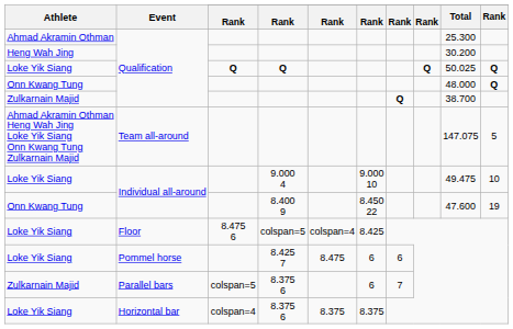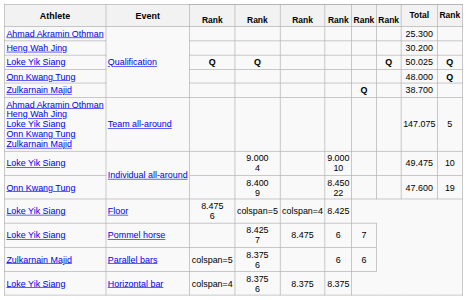 <table class=wikitable style="font-size:90%">
 <tr>
 <th rowspan=2>Athlete</th>
 <th rowspan=2>Event</th>
 </tr>
 <tr style="font-size:95%">
 <th><br>Rank</th>
 <th><br>Rank</th>
 <th><br>Rank</th>
 <th><br>Rank</th>
 <th><br>Rank</th>
 <th><br>Rank</th>
 <th>Total</th>
 <th>Rank</th>
 </tr>
 <tr align=center>
 <td align=left><a href='#'>Ahmad Akramin Othman</a></td>
 <td align=left rowspan=5><a href='#'>Qualification</a></td>
 <td></td>
 <td></td>
 <td></td>
 <td></td>
 <td></td>
 <td></td>
 <td>25.300</td>
 <td></td>
 </tr>
 <tr align=center>
 <td align=left><a href='#'>Heng Wah Jing</a></td>
 <td></td>
 <td></td>
 <td></td>
 <td></td>
 <td></td>
 <td></td>
 <td>30.200</td>
 <td></td>
 </tr>
 <tr align=center>
 <td align=left><a href='#'>Loke Yik Siang</a></td>
 <td><strong>Q</strong></td>
 <td><strong>Q</strong></td>
 <td></td>
 <td></td>
 <td></td>
 <td><strong>Q</strong></td>
 <td>50.025</td>
 <td><strong>Q</strong></td>
 </tr>
 <tr align=center>
 <td align=left><a href='#'>Onn Kwang Tung</a></td>
 <td></td>
 <td></td>
 <td></td>
 <td></td>
 <td></td>
 <td></td>
 <td>48.000</td>
 <td><strong>Q</strong></td>
 </tr>
 <tr align=center>
 <td align=left><a href='#'>Zulkarnain Majid</a></td>
 <td></td>
 <td></td>
 <td></td>
 <td></td>
 <td><strong>Q</strong></td>
 <td></td>
 <td>38.700</td>
 <td></td>
 </tr>
 <tr align=center>
 <td align=left><a href='#'>Ahmad Akramin Othman</a><br><a href='#'>Heng Wah Jing</a><br><a href='#'>Loke Yik Siang</a><br><a href='#'>Onn Kwang Tung</a><br><a href='#'>Zulkarnain Majid</a></td>
 <td align=left><a href='#'>Team all-around</a></td>
 <td></td>
 <td></td>
 <td></td>
 <td></td>
 <td></td>
 <td></td>
 <td>147.075</td>
 <td>5</td>
 </tr>
 <tr align=center>
 <td align=left><a href='#'>Loke Yik Siang</a></td>
 <td align=left rowspan=2><a href='#'>Individual all-around</a></td>
 <td></td>
 <td>9.000<br>4</td>
 <td></td>
 <td>9.000<br>10</td>
 <td></td>
 <td></td>
 <td>49.475</td>
 <td>10</td>
 </tr>
 <tr align=center>
 <td align=left><a href='#'>Onn Kwang Tung</a></td>
 <td></td>
 <td>8.400<br>9</td>
 <td></td>
 <td>8.450<br>22</td>
 <td></td>
 <td></td>
 <td>47.600</td>
 <td>19</td>
 </tr>
 <tr align=center>
 <td align=left><a href='#'>Loke Yik Siang</a></td>
 <td align=left><a href='#'>Floor</a></td>
 <td>8.475<br>6</td>
 <td>colspan=5 </td>
 <td>colspan=4 </td>
 <td>8.425</td>
 </tr>
 <tr align=center>
 <td align=left><a href='#'>Loke Yik Siang</a></td>
 <td align=left><a href='#'>Pommel horse</a></td>
 <td></td>
 <td>8.425<br>7</td>
 <td>8.475</td>
 <td>6</td>
-<td>6</td>
+<td>7</td>
 </tr>
 <tr align=center>
 <td align=left><a href='#'>Zulkarnain Majid</a></td>
 <td align=left><a href='#'>Parallel bars</a></td>
 <td>colspan=5 </td>
 <td>8.375<br>6</td>
 <td></td>
 <td>6</td>
-<td>7</td>
+<td>6</td>
 </tr>
 <tr align=center>
 <td align=left><a href='#'>Loke Yik Siang</a></td>
 <td align=left><a href='#'>Horizontal bar</a></td>
 <td>colspan=4 </td>
 <td>8.375<br>6</td>
 <td>8.375</td>
 <td>8.375</td>
 </tr>
 </table>
